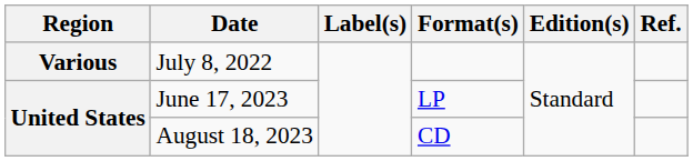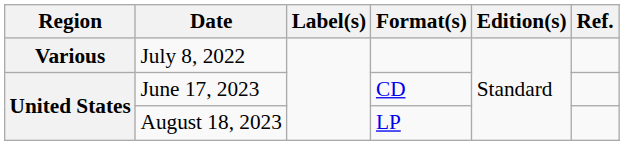 <table class="wikitable plainrowheaders">
 <tr>
 <th scope="col">Region</th>
 <th scope="col">Date</th>
 <th scope="col">Label(s)</th>
 <th scope="col">Format(s)</th>
 <th scope="col">Edition(s)</th>
 <th scope="col">Ref.</th>
 </tr>
 <tr>
 <th scope="row">Various</th>
 <td>July 8, 2022</td>
 <td rowspan="3"></td>
 <td></td>
 <td rowspan="3">Standard</td>
 <td style="text-align: center"></td>
 </tr>
 <tr>
 <th scope="row" rowspan="2">United States</th>
 <td>June 	17, 2023</td>
-<td><a href='#'>LP</a></td>
+<td><a href='#'>CD</a></td>
 <td style="text-align: center"></td>
 </tr>
 <tr>
 <td>August 18, 2023</td>
-<td><a href='#'>CD</a></td>
+<td><a href='#'>LP</a></td>
 <td style="text-align: center"></td>
 </tr>
 </table>
